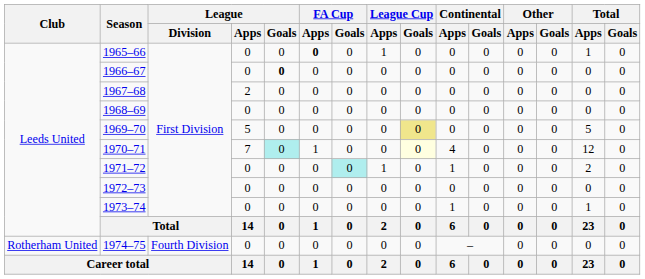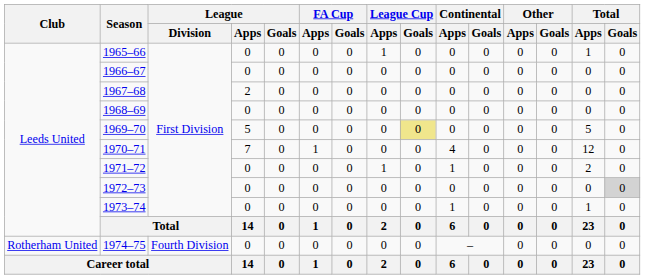 <table class="wikitable" style="text-align: center">
 <tr>
 <th rowspan="2">Club</th>
 <th rowspan="2">Season</th>
 <th colspan="3">League</th>
 <th colspan="2"><a href='#'>FA Cup</a></th>
 <th colspan="2"><a href='#'>League Cup</a></th>
 <th colspan="2">Continental</th>
 <th colspan="2">Other</th>
 <th colspan="2">Total</th>
 </tr>
 <tr>
 <th>Division</th>
 <th>Apps</th>
 <th>Goals</th>
 <th>Apps</th>
 <th>Goals</th>
 <th>Apps</th>
 <th>Goals</th>
 <th>Apps</th>
 <th>Goals</th>
 <th>Apps</th>
 <th>Goals</th>
 <th>Apps</th>
 <th>Goals</th>
 </tr>
 <tr>
 <td rowspan="10"><a href='#'>Leeds United</a></td>
 <td><a href='#'>1965–66</a></td>
 <td rowspan="9"><a href='#'>First Division</a></td>
 <td>0</td>
 <td>0</td>
-<td><strong>0</strong></td>
+<td>0</td>
 <td>0</td>
 <td>1</td>
 <td>0</td>
 <td>0</td>
 <td>0</td>
 <td>0</td>
 <td>0</td>
 <td>1</td>
 <td>0</td>
 </tr>
 <tr>
 <td><a href='#'>1966–67</a></td>
 <td>0</td>
-<td><strong>0</strong></td>
+<td>0</td>
 <td>0</td>
 <td>0</td>
 <td>0</td>
 <td>0</td>
 <td>0</td>
 <td>0</td>
 <td>0</td>
 <td>0</td>
 <td>0</td>
 <td>0</td>
 </tr>
 <tr>
 <td><a href='#'>1967–68</a></td>
 <td>2</td>
 <td>0</td>
 <td>0</td>
 <td>0</td>
 <td>0</td>
 <td>0</td>
 <td>0</td>
 <td>0</td>
 <td>0</td>
 <td>0</td>
 <td>0</td>
 <td>0</td>
 </tr>
 <tr>
 <td><a href='#'>1968–69</a></td>
 <td>0</td>
 <td>0</td>
 <td>0</td>
 <td>0</td>
 <td>0</td>
 <td>0</td>
 <td>0</td>
 <td>0</td>
 <td>0</td>
 <td>0</td>
 <td>0</td>
 <td>0</td>
 </tr>
 <tr>
 <td><a href='#'>1969–70</a></td>
 <td>5</td>
 <td>0</td>
 <td>0</td>
 <td>0</td>
 <td>0</td>
 <td style="background: khaki;">0</td>
 <td>0</td>
 <td>0</td>
 <td>0</td>
 <td>0</td>
 <td>5</td>
 <td>0</td>
 </tr>
 <tr>
 <td><a href='#'>1970–71</a></td>
 <td>7</td>
-<td style="background: paleturquoise;">0</td>
+<td>0</td>
 <td>1</td>
 <td>0</td>
 <td>0</td>
-<td style="background: lightyellow;">0</td>
+<td>0</td>
 <td>4</td>
 <td>0</td>
 <td>0</td>
 <td>0</td>
 <td>12</td>
 <td>0</td>
 </tr>
 <tr>
 <td><a href='#'>1971–72</a></td>
 <td>0</td>
 <td>0</td>
 <td>0</td>
-<td style="background: paleturquoise;">0</td>
+<td>0</td>
 <td>1</td>
 <td>0</td>
 <td>1</td>
 <td>0</td>
 <td>0</td>
 <td>0</td>
 <td>2</td>
 <td>0</td>
 </tr>
 <tr>
 <td><a href='#'>1972–73</a></td>
 <td>0</td>
 <td>0</td>
 <td>0</td>
 <td>0</td>
 <td>0</td>
 <td>0</td>
 <td>0</td>
 <td>0</td>
 <td>0</td>
 <td>0</td>
 <td>0</td>
-<td>0</td>
+<td style="background: lightgrey;">0</td>
 </tr>
 <tr>
 <td><a href='#'>1973–74</a></td>
 <td>0</td>
 <td>0</td>
 <td>0</td>
 <td>0</td>
 <td>0</td>
 <td>0</td>
 <td>1</td>
 <td>0</td>
 <td>0</td>
 <td>0</td>
 <td>1</td>
 <td>0</td>
 </tr>
 <tr>
 <th colspan="2"><strong>Total</strong></th>
 <th>14</th>
 <th>0</th>
 <th>1</th>
 <th>0</th>
 <th>2</th>
 <th>0</th>
 <th>6</th>
 <th>0</th>
 <th>0</th>
 <th>0</th>
 <th>23</th>
 <th>0</th>
 </tr>
 <tr>
 <td><a href='#'>Rotherham United</a></td>
 <td><a href='#'>1974–75</a></td>
 <td><a href='#'>Fourth Division</a></td>
 <td>0</td>
 <td>0</td>
 <td>0</td>
 <td>0</td>
 <td>0</td>
 <td>0</td>
 <td colspan="2">–</td>
 <td>0</td>
 <td>0</td>
 <td>0</td>
 <td>0</td>
 </tr>
 <tr>
 <th colspan="3">Career total</th>
 <th>14</th>
 <th>0</th>
 <th>1</th>
 <th>0</th>
 <th>2</th>
 <th>0</th>
 <th>6</th>
 <th>0</th>
 <th>0</th>
 <th>0</th>
 <th>23</th>
 <th>0</th>
 </tr>
 </table>
